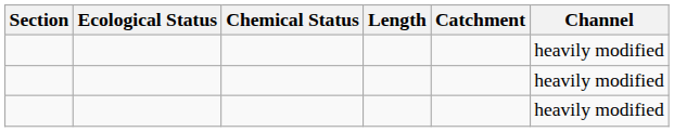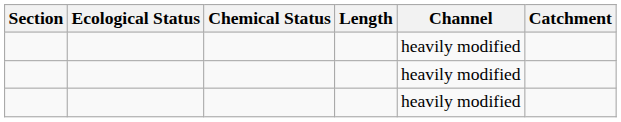 <table class="wikitable">
 <tr>
 <th>Section</th>
 <th>Ecological Status</th>
 <th>Chemical Status</th>
 <th>Length</th>
+<th>Channel</th>
 <th>Catchment</th>
-<th>Channel</th>
 </tr>
 <tr>
 <td></td>
 <td></td>
 <td></td>
 <td></td>
+<td>heavily modified</td>
 <td></td>
-<td>heavily modified</td>
 </tr>
 <tr>
 <td></td>
 <td></td>
 <td></td>
 <td></td>
+<td>heavily modified</td>
 <td></td>
-<td>heavily modified</td>
 </tr>
 <tr>
 <td></td>
 <td></td>
 <td></td>
 <td></td>
+<td>heavily modified</td>
 <td></td>
-<td>heavily modified</td>
 </tr>
 </table>
